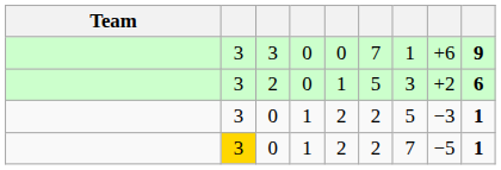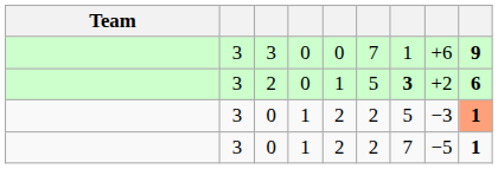 <table class="wikitable" style="text-align:center">
 <tr>
 <th style="width:165px;">Team</th>
 <th width="20"></th>
 <th width="20"></th>
 <th width="20"></th>
 <th width="20"></th>
 <th width="20"></th>
 <th width="20"></th>
 <th width="20"></th>
 <th width="20"></th>
 </tr>
 <tr style="background:#cfc;">
 <td align=left></td>
 <td>3</td>
 <td>3</td>
 <td>0</td>
 <td>0</td>
 <td>7</td>
 <td>1</td>
 <td>+6</td>
 <td><strong>9</strong></td>
 </tr>
 <tr style="background:#cfc;">
 <td align=left></td>
 <td>3</td>
 <td>2</td>
 <td>0</td>
 <td>1</td>
 <td>5</td>
-<td>3</td>
+<td><strong>3</strong></td>
 <td>+2</td>
 <td><strong>6</strong></td>
 </tr>
 <tr>
 <td align=left></td>
 <td>3</td>
 <td>0</td>
 <td>1</td>
 <td>2</td>
 <td>2</td>
 <td>5</td>
 <td>−3</td>
-<td><strong>1</strong></td>
+<td style="background: lightsalmon;"><strong>1</strong></td>
 </tr>
 <tr>
 <td align=left></td>
-<td style="background: gold;">3</td>
+<td>3</td>
 <td>0</td>
 <td>1</td>
 <td>2</td>
 <td>2</td>
 <td>7</td>
 <td>−5</td>
 <td><strong>1</strong></td>
 </tr>
 </table>
